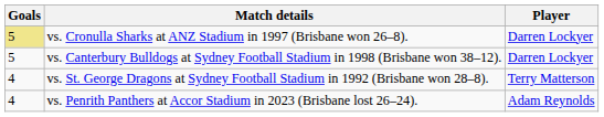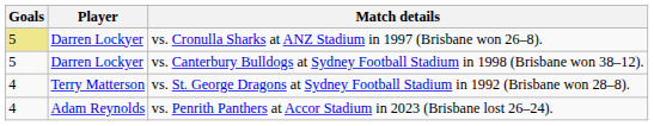 <table class="wikitable">
 <tr>
 <th>Goals</th>
+<th>Player</th>
 <th>Match details</th>
-<th>Player</th>
 </tr>
 <tr>
 <td style="background: khaki;">5</td>
+<td><a href='#'>Darren Lockyer</a></td>
 <td>vs. <a href='#'>Cronulla Sharks</a> at <a href='#'>ANZ Stadium</a> in 1997 (Brisbane won 26–8).</td>
-<td><a href='#'>Darren Lockyer</a></td>
 </tr>
 <tr>
 <td>5</td>
+<td><a href='#'>Darren Lockyer</a></td>
 <td>vs. <a href='#'>Canterbury Bulldogs</a> at <a href='#'>Sydney Football Stadium</a> in 1998 (Brisbane won 38–12).</td>
-<td><a href='#'>Darren Lockyer</a></td>
 </tr>
 <tr>
 <td>4</td>
+<td><a href='#'>Terry Matterson</a></td>
 <td>vs. <a href='#'>St. George Dragons</a> at <a href='#'>Sydney Football Stadium</a> in 1992 (Brisbane won 28–8).</td>
-<td><a href='#'>Terry Matterson</a></td>
 </tr>
 <tr>
 <td>4</td>
+<td><a href='#'>Adam Reynolds</a></td>
 <td>vs. <a href='#'>Penrith Panthers</a> at <a href='#'>Accor Stadium</a> in 2023 (Brisbane lost 26–24).</td>
-<td><a href='#'>Adam Reynolds</a></td>
 </tr>
 </table>
